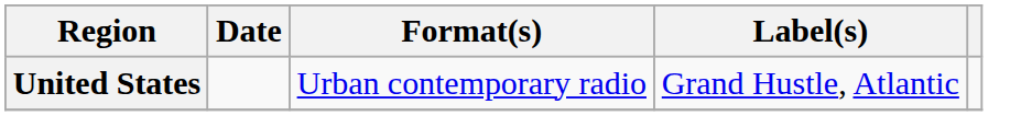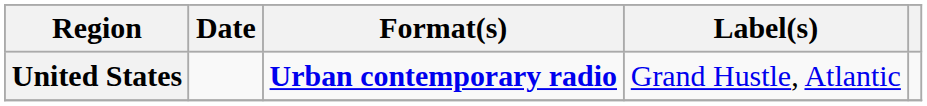 <table class="wikitable plainrowheaders" style="text-align:left">
 <tr>
 <th scope="col">Region</th>
 <th scope="col">Date</th>
 <th scope="col">Format(s)</th>
 <th scope="col">Label(s)</th>
 <th scope="col"></th>
 </tr>
 <tr>
 <th scope="row">United States</th>
 <td></td>
-<td><a href='#'>Urban contemporary radio</a></td>
+<td><strong><a href='#'>Urban contemporary radio</a></strong></td>
 <td><a href='#'>Grand Hustle</a>, <a href='#'>Atlantic</a></td>
 <td></td>
 </tr>
 <tr>
 </tr>
 </table>
